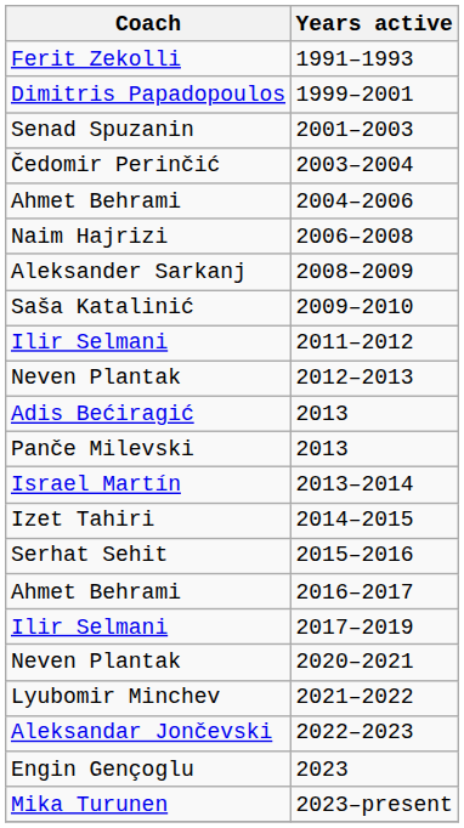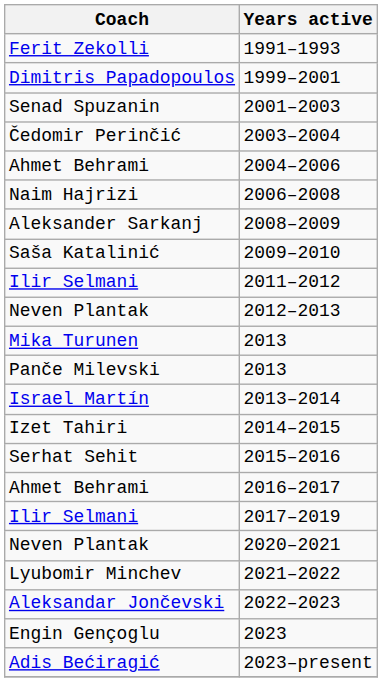 <table class="wikitable">
 <tr>
 <th>Coach</th>
 <th>Years active</th>
 </tr>
 <tr>
 <td> <a href='#'>Ferit Zekolli</a></td>
 <td>1991–1993</td>
 </tr>
 <tr>
 <td> <a href='#'>Dimitris Papadopoulos</a></td>
 <td>1999–2001</td>
 </tr>
 <tr>
 <td> Senad Spuzanin</td>
 <td>2001–2003</td>
 </tr>
 <tr>
 <td> Čedomir Perinčić</td>
 <td>2003–2004</td>
 </tr>
 <tr>
 <td> Ahmet Behrami</td>
 <td>2004–2006</td>
 </tr>
 <tr>
 <td> Naim Hajrizi</td>
 <td>2006–2008</td>
 </tr>
 <tr>
 <td> Aleksander Sarkanj</td>
 <td>2008–2009</td>
 </tr>
 <tr>
 <td> Saša Katalinić</td>
 <td>2009–2010</td>
 </tr>
 <tr>
 <td> <a href='#'>Ilir Selmani</a></td>
 <td>2011–2012</td>
 </tr>
 <tr>
 <td> Neven Plantak</td>
 <td>2012–2013</td>
 </tr>
 <tr>
-<td> <a href='#'>Adis Bećiragić</a></td>
+<td> <a href='#'>Mika Turunen</a></td>
 <td>2013</td>
 </tr>
 <tr>
 <td> Panče Milevski</td>
 <td>2013</td>
 </tr>
 <tr>
 <td> <a href='#'>Israel Martín</a></td>
 <td>2013–2014</td>
 </tr>
 <tr>
 <td> Izet Tahiri</td>
 <td>2014–2015</td>
 </tr>
 <tr>
 <td> Serhat Sehit</td>
 <td>2015–2016</td>
 </tr>
 <tr>
 <td> Ahmet Behrami</td>
 <td>2016–2017</td>
 </tr>
 <tr>
 <td> <a href='#'>Ilir Selmani</a></td>
 <td>2017–2019</td>
 </tr>
 <tr>
 <td> Neven Plantak</td>
 <td>2020–2021</td>
 </tr>
 <tr>
 <td> Lyubomir Minchev</td>
 <td>2021–2022</td>
 </tr>
 <tr>
 <td> <a href='#'>Aleksandar Jončevski</a></td>
 <td>2022–2023</td>
 </tr>
 <tr>
 <td> Engin Gençoglu</td>
 <td>2023</td>
 </tr>
 <tr>
-<td> <a href='#'>Mika Turunen</a></td>
+<td> <a href='#'>Adis Bećiragić</a></td>
 <td>2023–present</td>
 </tr>
 <tr>
 </tr>
 </table>
